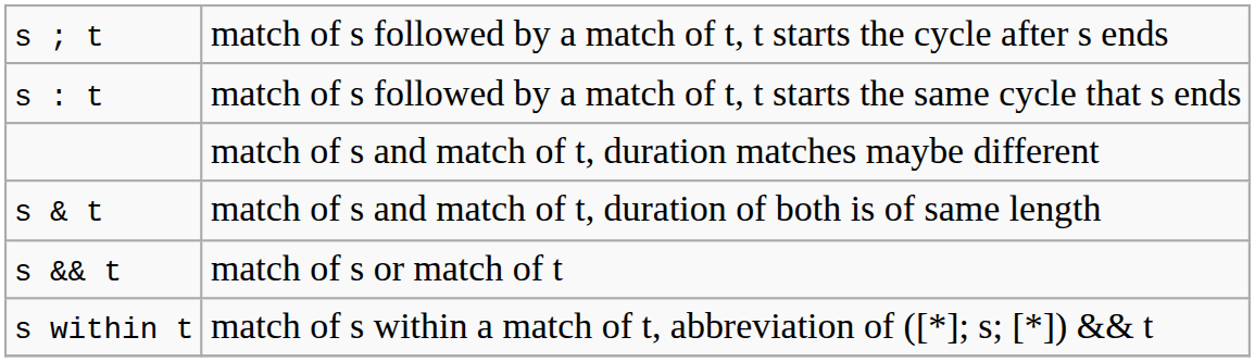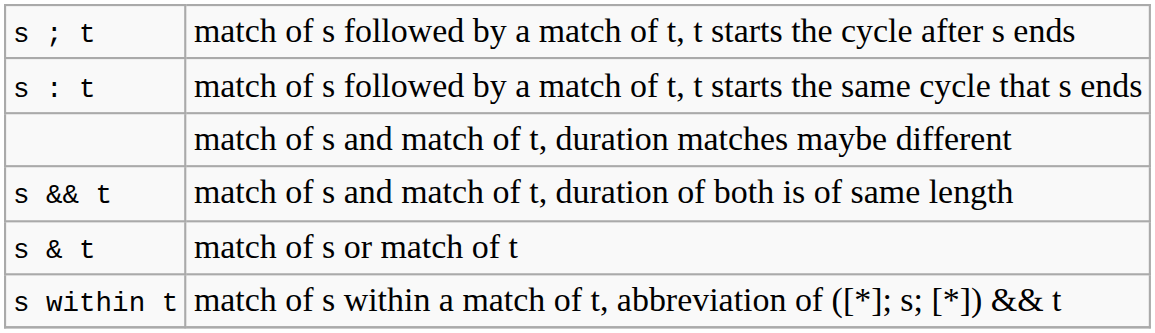 <table class="wikitable">
 <tr>
 <td><code> s ; t </code></td>
 <td>match of s followed by a match of t, t starts the cycle after s ends</td>
 </tr>
 <tr>
 <td><code>s : t </code></td>
 <td>match of s followed by a match of t, t starts the same cycle that s ends</td>
 </tr>
 <tr>
 <td></td>
 <td>match of s and match of t, duration matches maybe different</td>
 </tr>
 <tr>
-<td><code>s & t </code></td>
+<td><code>s && t </code></td>
 <td>match of s and match of t, duration of both is of same length</td>
 </tr>
 <tr>
-<td><code>s && t </code></td>
+<td><code>s & t </code></td>
 <td>match of s or match of t</td>
 </tr>
 <tr>
 <td><code> s within t </code></td>
 <td>match of s within a match of t, abbreviation of ([*]; s; [*]) && t</td>
 </tr>
 <tr>
 </tr>
 </table>
